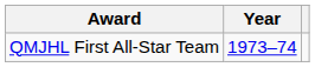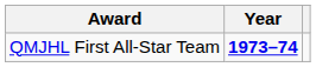 <table class="wikitable">
 <tr>
 <th>Award</th>
 <th>Year</th>
 <th></th>
 </tr>
 <tr>
 <td><a href='#'>QMJHL</a> First All-Star Team</td>
-<td><a href='#'>1973–74</a></td>
+<td><strong><a href='#'>1973–74</a></strong></td>
 <td></td>
 </tr>
 </table>
